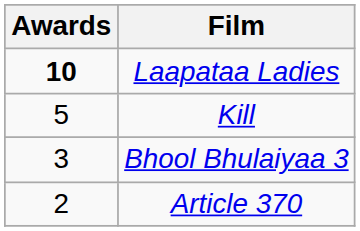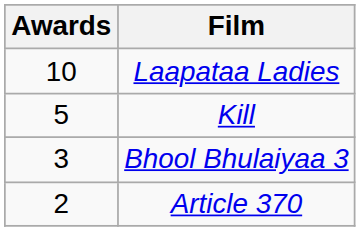 <table class="wikitable plainrowheaders" style="text-align:center;">
 <tr>
 <th scope="col" style="width:55px;">Awards</th>
 <th scope="col" style="text-align:center;">Film</th>
 </tr>
 <tr>
-<td scope="row" style="text-align:center"><strong>10</strong></td>
+<td scope="row" style="text-align:center">10</td>
 <td><a href='#'><em>Laapataa Ladies</em></a></td>
 </tr>
 <tr>
 <td>5</td>
 <td><a href='#'><em>Kill</em></a></td>
 </tr>
 <tr>
 <td>3</td>
 <td><em><a href='#'>Bhool Bhulaiyaa 3</a></em></td>
 </tr>
 <tr>
 <td scope="row" style="text-align:center">2</td>
 <td><a href='#'><em>Article 370</em></a></td>
 </tr>
 </table>
